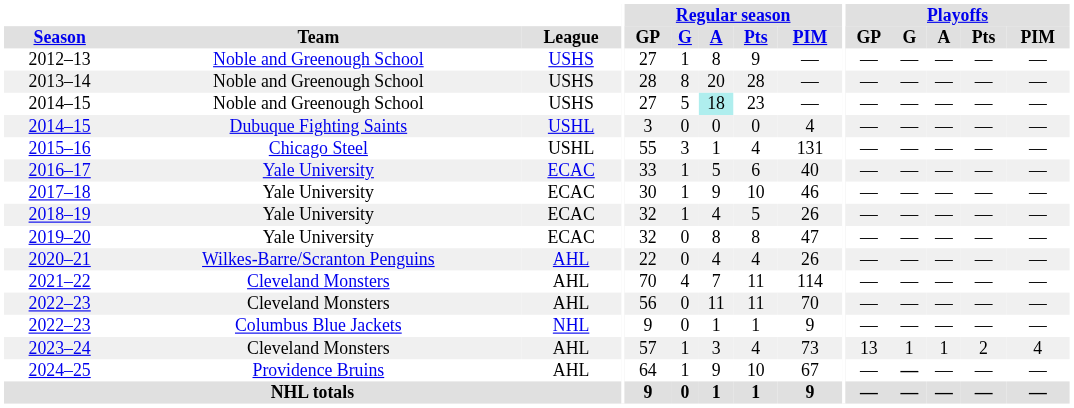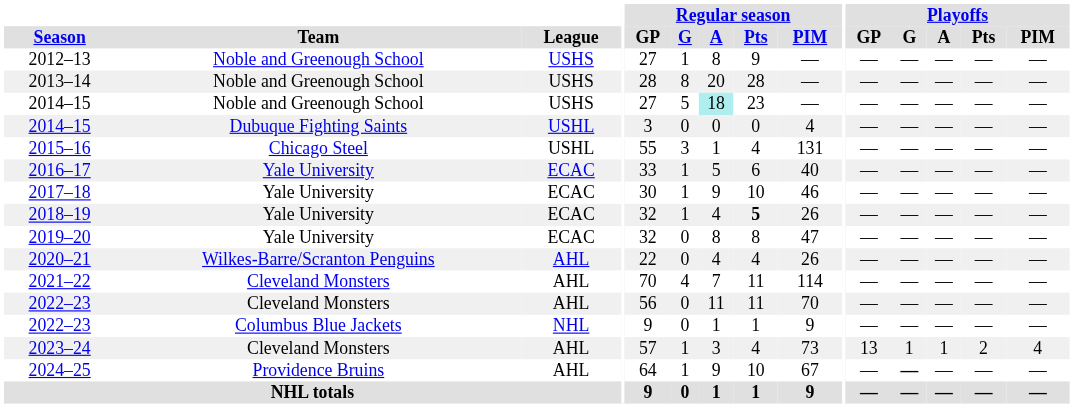 <table border="0" cellpadding="1" cellspacing="0" style="text-align:center; width:60em">
 <tr bgcolor="#e0e0e0">
 <th colspan="3" bgcolor="#ffffff"></th>
 <th rowspan="100" bgcolor="#ffffff"></th>
 <th colspan="5"><a href='#'>Regular season</a></th>
 <th rowspan="100" bgcolor="#ffffff"></th>
 <th colspan="5"><a href='#'>Playoffs</a></th>
 </tr>
 <tr bgcolor="#e0e0e0">
 <th><a href='#'>Season</a></th>
 <th>Team</th>
 <th>League</th>
 <th>GP</th>
 <th><a href='#'>G</a></th>
 <th><a href='#'>A</a></th>
 <th><a href='#'>Pts</a></th>
 <th><a href='#'>PIM</a></th>
 <th>GP</th>
 <th>G</th>
 <th>A</th>
 <th>Pts</th>
 <th>PIM</th>
 </tr>
 <tr>
 <td>2012–13</td>
 <td><a href='#'>Noble and Greenough School</a></td>
 <td><a href='#'>USHS</a></td>
 <td>27</td>
 <td>1</td>
 <td>8</td>
 <td>9</td>
 <td>—</td>
 <td>—</td>
 <td>—</td>
 <td>—</td>
 <td>—</td>
 <td>—</td>
 </tr>
 <tr bgcolor="#f0f0f0">
 <td>2013–14</td>
 <td>Noble and Greenough School</td>
 <td>USHS</td>
 <td>28</td>
 <td>8</td>
 <td>20</td>
 <td>28</td>
 <td>—</td>
 <td>—</td>
 <td>—</td>
 <td>—</td>
 <td>—</td>
 <td>—</td>
 </tr>
 <tr>
 <td>2014–15</td>
 <td>Noble and Greenough School</td>
 <td>USHS</td>
 <td>27</td>
 <td>5</td>
 <td style="background: paleturquoise;">18</td>
 <td>23</td>
 <td>—</td>
 <td>—</td>
 <td>—</td>
 <td>—</td>
 <td>—</td>
 <td>—</td>
 </tr>
 <tr bgcolor="#f0f0f0">
 <td><a href='#'>2014–15</a></td>
 <td><a href='#'>Dubuque Fighting Saints</a></td>
 <td><a href='#'>USHL</a></td>
 <td>3</td>
 <td>0</td>
 <td>0</td>
 <td>0</td>
 <td>4</td>
 <td>—</td>
 <td>—</td>
 <td>—</td>
 <td>—</td>
 <td>—</td>
 </tr>
 <tr>
 <td><a href='#'>2015–16</a></td>
 <td><a href='#'>Chicago Steel</a></td>
 <td>USHL</td>
 <td>55</td>
 <td>3</td>
 <td>1</td>
 <td>4</td>
 <td>131</td>
 <td>—</td>
 <td>—</td>
 <td>—</td>
 <td>—</td>
 <td>—</td>
 </tr>
 <tr bgcolor="#f0f0f0">
 <td><a href='#'>2016–17</a></td>
 <td><a href='#'>Yale University</a></td>
 <td><a href='#'>ECAC</a></td>
 <td>33</td>
 <td>1</td>
 <td>5</td>
 <td>6</td>
 <td>40</td>
 <td>—</td>
 <td>—</td>
 <td>—</td>
 <td>—</td>
 <td>—</td>
 </tr>
 <tr>
 <td><a href='#'>2017–18</a></td>
 <td>Yale University</td>
 <td>ECAC</td>
 <td>30</td>
 <td>1</td>
 <td>9</td>
 <td>10</td>
 <td>46</td>
 <td>—</td>
 <td>—</td>
 <td>—</td>
 <td>—</td>
 <td>—</td>
 </tr>
 <tr bgcolor="#f0f0f0">
 <td><a href='#'>2018–19</a></td>
 <td>Yale University</td>
 <td>ECAC</td>
 <td>32</td>
 <td>1</td>
 <td>4</td>
-<td>5</td>
+<td><strong>5</strong></td>
 <td>26</td>
 <td>—</td>
 <td>—</td>
 <td>—</td>
 <td>—</td>
 <td>—</td>
 </tr>
 <tr>
 <td><a href='#'>2019–20</a></td>
 <td>Yale University</td>
 <td>ECAC</td>
 <td>32</td>
 <td>0</td>
 <td>8</td>
 <td>8</td>
 <td>47</td>
 <td>—</td>
 <td>—</td>
 <td>—</td>
 <td>—</td>
 <td>—</td>
 </tr>
 <tr bgcolor="#f0f0f0">
 <td><a href='#'>2020–21</a></td>
 <td><a href='#'>Wilkes-Barre/Scranton Penguins</a></td>
 <td><a href='#'>AHL</a></td>
 <td>22</td>
 <td>0</td>
 <td>4</td>
 <td>4</td>
 <td>26</td>
 <td>—</td>
 <td>—</td>
 <td>—</td>
 <td>—</td>
 <td>—</td>
 </tr>
 <tr>
 <td><a href='#'>2021–22</a></td>
 <td><a href='#'>Cleveland Monsters</a></td>
 <td>AHL</td>
 <td>70</td>
 <td>4</td>
 <td>7</td>
 <td>11</td>
 <td>114</td>
 <td>—</td>
 <td>—</td>
 <td>—</td>
 <td>—</td>
 <td>—</td>
 </tr>
 <tr bgcolor="#f0f0f0">
 <td><a href='#'>2022–23</a></td>
 <td>Cleveland Monsters</td>
 <td>AHL</td>
 <td>56</td>
 <td>0</td>
 <td>11</td>
 <td>11</td>
 <td>70</td>
 <td>—</td>
 <td>—</td>
 <td>—</td>
 <td>—</td>
 <td>—</td>
 </tr>
 <tr>
 <td><a href='#'>2022–23</a></td>
 <td><a href='#'>Columbus Blue Jackets</a></td>
 <td><a href='#'>NHL</a></td>
 <td>9</td>
 <td>0</td>
 <td>1</td>
 <td>1</td>
 <td>9</td>
 <td>—</td>
 <td>—</td>
 <td>—</td>
 <td>—</td>
 <td>—</td>
 </tr>
 <tr bgcolor="#f0f0f0">
 <td><a href='#'>2023–24</a></td>
 <td>Cleveland Monsters</td>
 <td>AHL</td>
 <td>57</td>
 <td>1</td>
 <td>3</td>
 <td>4</td>
 <td>73</td>
 <td>13</td>
 <td>1</td>
 <td>1</td>
 <td>2</td>
 <td>4</td>
 </tr>
 <tr>
 <td><a href='#'>2024–25</a></td>
 <td><a href='#'>Providence Bruins</a></td>
 <td>AHL</td>
 <td>64</td>
 <td>1</td>
 <td>9</td>
 <td>10</td>
 <td>67</td>
 <td>—</td>
 <th>—</th>
 <td>—</td>
 <td>—</td>
 <td>—</td>
 </tr>
 <tr bgcolor="#e0e0e0">
 <th colspan="3">NHL totals</th>
 <th>9</th>
 <th>0</th>
 <th>1</th>
 <th>1</th>
 <th>9</th>
 <th>—</th>
 <th>—</th>
 <th>—</th>
 <th>—</th>
 <th>—</th>
 </tr>
 </table>
